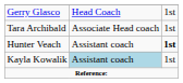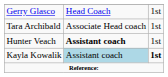 <table class="wikitable" style="font-size:93%;">
 <tr>
 </tr>
 <tr>
 <td><a href='#'>Gerry Glasco</a></td>
 <td><a href='#'>Head Coach</a></td>
 <td align=center>1st</td>
 </tr>
 <tr>
 <td>Tara Archibald</td>
 <td>Associate Head coach</td>
 <td align=center>1st</td>
 </tr>
 <tr>
 <td>Hunter Veach</td>
-<td>Assistant coach</td>
-<td align=center><strong>1st</strong></td>
+<td><strong>Assistant coach</strong></td>
+<td align=center>1st</td>
 </tr>
 <tr>
 <td>Kayla Kowalik</td>
 <td style="background: lightblue;">Assistant coach</td>
-<td align=center>1st</td>
+<td align=center><strong>1st</strong></td>
 </tr>
 <tr>
 <td colspan="6"  style="font-size:8pt; text-align:center;"><strong>Reference:</strong></td>
 </tr>
 </table>
